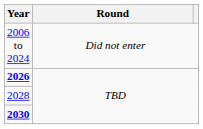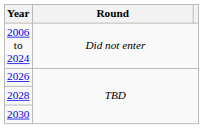 <table class="wikitable" style="text-align: center; font-size:90%">
 <tr>
 <th>Year</th>
 <th style="width:200px">Round</th>
 <th></th>
 </tr>
 <tr>
 <td><a href='#'>2006</a><br>to<br><a href='#'>2024</a></td>
 <td colspan="2"><em>Did not enter</em></td>
 </tr>
 <tr>
-<td><strong><a href='#'>2026</a></strong></td>
+<td><a href='#'>2026</a></td>
 <td colspan="2" rowspan="3"><em>TBD</em></td>
 </tr>
 <tr>
 <td><a href='#'>2028</a></td>
 </tr>
 <tr>
-<td><strong><a href='#'>2030</a></strong></td>
+<td><a href='#'>2030</a></td>
 </tr>
 </table>
